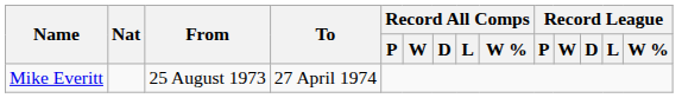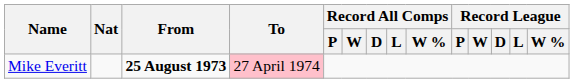 <table style="text-align: center" class="wikitable">
 <tr>
 <th rowspan="2">Name</th>
 <th rowspan="2">Nat</th>
 <th rowspan="2">From</th>
 <th rowspan="2">To</th>
 <th colspan="5">Record All Comps</th>
 <th colspan="5">Record League</th>
 </tr>
 <tr>
 <th>P</th>
 <th>W</th>
 <th>D</th>
 <th>L</th>
 <th>W %</th>
 <th>P</th>
 <th>W</th>
 <th>D</th>
 <th>L</th>
 <th>W %</th>
 </tr>
 <tr>
 <td style="text-align:left;"><a href='#'>Mike Everitt</a></td>
 <td></td>
-<td style="text-align:left;">25 August 1973</td>
-<td style="text-align:left;">27 April 1974<br> </td>
+<td style="text-align:left;"><strong>25 August 1973</strong></td>
+<td style="background: pink; text-align:left;">27 April 1974<br> </td>
 </tr>
 </table>
